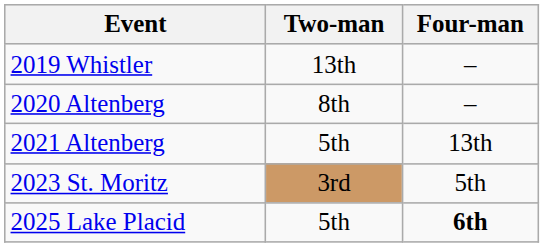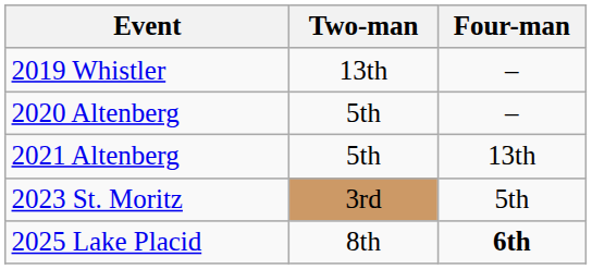 <table class="wikitable" style="text-align:center">
 <tr>
 <th style="width:160px">Event</th>
 <th style="width:80px">Two-man</th>
 <th style="width:80px">Four-man</th>
 </tr>
 <tr>
 <td style="text-align:left"> <a href='#'>2019 Whistler</a></td>
 <td>13th</td>
 <td>–</td>
 </tr>
 <tr>
 <td style="text-align:left"> <a href='#'>2020 Altenberg</a></td>
-<td>8th</td>
+<td>5th</td>
 <td>–</td>
 </tr>
 <tr>
 <td style="text-align:left"> <a href='#'>2021 Altenberg</a></td>
 <td>5th</td>
 <td>13th</td>
 </tr>
 <tr>
 <td style="text-align:left"> <a href='#'>2023 St. Moritz</a></td>
 <td style="background:#CC9966">3rd</td>
 <td>5th</td>
 </tr>
 <tr>
 <td style="text-align:left"> <a href='#'>2025 Lake Placid</a></td>
-<td>5th</td>
+<td>8th</td>
 <td><strong>6th</strong></td>
 </tr>
 </table>
